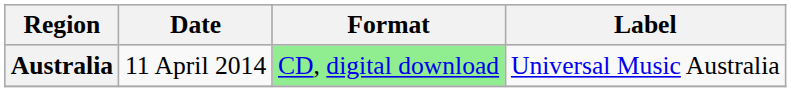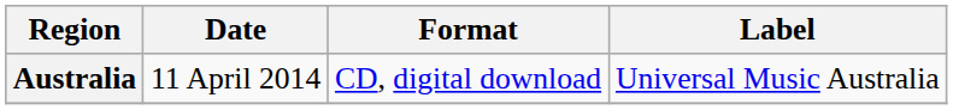 <table class="wikitable plainrowheaders">
 <tr>
 <th scope="col">Region</th>
 <th scope="col">Date</th>
 <th scope="col">Format</th>
 <th scope="col">Label</th>
 </tr>
 <tr>
 <th scope="row">Australia</th>
 <td>11 April 2014</td>
-<td style="background: lightgreen;"><a href='#'>CD</a>, <a href='#'>digital download</a></td>
+<td><a href='#'>CD</a>, <a href='#'>digital download</a></td>
 <td><a href='#'>Universal Music</a> Australia</td>
 </tr>
 <tr>
 </tr>
 </table>
